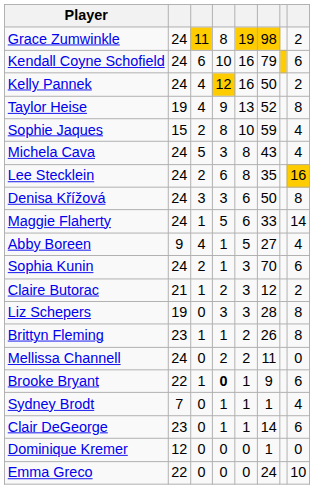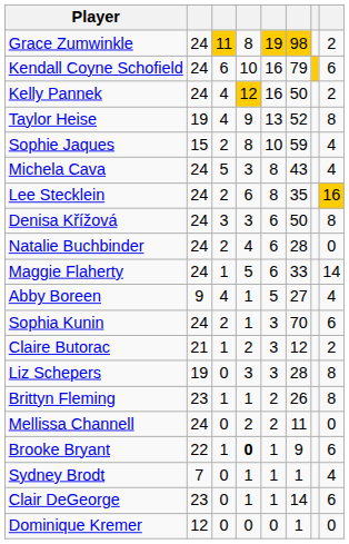 <table class="wikitable sortable" style="text-align:center;">
 <tr>
 <th>Player</th>
 <th></th>
 <th></th>
 <th></th>
 <th></th>
 <th></th>
 <th data-sort-type="number"></th>
 <th></th>
 </tr>
 <tr>
 <td style="text-align:left;"><a href='#'>Grace Zumwinkle</a></td>
 <td>24</td>
 <td style="background:#fc0;">11</td>
 <td>8</td>
 <td style="background:#fc0;">19</td>
 <td style="background:#fc0;">98</td>
 <td></td>
 <td>2</td>
 </tr>
 <tr>
 <td style="text-align:left;"><a href='#'>Kendall Coyne Schofield</a></td>
 <td>24</td>
 <td>6</td>
 <td>10</td>
 <td>16</td>
 <td>79</td>
 <td style="background:#fc0;"></td>
 <td>6</td>
 </tr>
 <tr>
 <td style="text-align:left;"><a href='#'>Kelly Pannek</a></td>
 <td>24</td>
 <td>4</td>
 <td style="background:#fc0;">12</td>
 <td>16</td>
 <td>50</td>
 <td></td>
 <td>2</td>
 </tr>
 <tr>
 <td style="text-align:left;"><a href='#'>Taylor Heise</a></td>
 <td>19</td>
 <td>4</td>
 <td>9</td>
 <td>13</td>
 <td>52</td>
 <td></td>
 <td>8</td>
 </tr>
 <tr>
 <td style="text-align:left;"><a href='#'>Sophie Jaques</a></td>
 <td>15</td>
 <td>2</td>
 <td>8</td>
 <td>10</td>
 <td>59</td>
 <td></td>
 <td>4</td>
 </tr>
 <tr>
 <td style="text-align:left;"><a href='#'>Michela Cava</a></td>
 <td>24</td>
 <td>5</td>
 <td>3</td>
 <td>8</td>
 <td>43</td>
 <td></td>
 <td>4</td>
 </tr>
 <tr>
 <td style="text-align:left;"><a href='#'>Lee Stecklein</a></td>
 <td>24</td>
 <td>2</td>
 <td>6</td>
 <td>8</td>
 <td>35</td>
 <td></td>
 <td style="background:#fc0;">16</td>
 </tr>
 <tr>
 <td style="text-align:left;"><a href='#'>Denisa Křížová</a></td>
 <td>24</td>
 <td>3</td>
 <td>3</td>
 <td>6</td>
 <td>50</td>
 <td></td>
 <td>8</td>
+</tr>
+<tr>
+<td style="text-align:left;"><a href='#'>Natalie Buchbinder</a></td>
+<td>24</td>
+<td>2</td>
+<td>4</td>
+<td>6</td>
+<td>28</td>
+<td></td>
+<td>0</td>
 </tr>
 <tr>
 <td style="text-align:left;"><a href='#'>Maggie Flaherty</a></td>
 <td>24</td>
 <td>1</td>
 <td>5</td>
 <td>6</td>
 <td>33</td>
 <td></td>
 <td>14</td>
 </tr>
 <tr>
 <td style="text-align:left;"><a href='#'>Abby Boreen</a></td>
 <td>9</td>
 <td>4</td>
 <td>1</td>
 <td>5</td>
 <td>27</td>
 <td></td>
 <td>4</td>
 </tr>
 <tr>
 <td style="text-align:left;"><a href='#'>Sophia Kunin</a></td>
 <td>24</td>
 <td>2</td>
 <td>1</td>
 <td>3</td>
 <td>70</td>
 <td></td>
 <td>6</td>
 </tr>
 <tr>
 <td style="text-align:left;"><a href='#'>Claire Butorac</a></td>
 <td>21</td>
 <td>1</td>
 <td>2</td>
 <td>3</td>
 <td>12</td>
 <td></td>
 <td>2</td>
 </tr>
 <tr>
 <td style="text-align:left;"><a href='#'>Liz Schepers</a></td>
 <td>19</td>
 <td>0</td>
 <td>3</td>
 <td>3</td>
 <td>28</td>
 <td></td>
 <td>8</td>
 </tr>
 <tr>
 <td style="text-align:left;"><a href='#'>Brittyn Fleming</a></td>
 <td>23</td>
 <td>1</td>
 <td>1</td>
 <td>2</td>
 <td>26</td>
 <td></td>
 <td>8</td>
 </tr>
 <tr>
 <td style="text-align:left;"><a href='#'>Mellissa Channell</a></td>
 <td>24</td>
 <td>0</td>
 <td>2</td>
 <td>2</td>
 <td>11</td>
 <td></td>
 <td>0</td>
 </tr>
 <tr>
 <td style="text-align:left;"><a href='#'>Brooke Bryant</a></td>
 <td>22</td>
 <td>1</td>
 <td><strong>0</strong></td>
 <td>1</td>
 <td>9</td>
 <td></td>
 <td>6</td>
 </tr>
 <tr>
 <td style="text-align:left;"><a href='#'>Sydney Brodt</a></td>
 <td>7</td>
 <td>0</td>
 <td>1</td>
 <td>1</td>
 <td>1</td>
 <td></td>
 <td>4</td>
 </tr>
 <tr>
 <td style="text-align:left;"><a href='#'>Clair DeGeorge</a></td>
 <td>23</td>
 <td>0</td>
 <td>1</td>
 <td>1</td>
 <td>14</td>
 <td></td>
 <td>6</td>
 </tr>
 <tr>
 <td style="text-align:left;"><a href='#'>Dominique Kremer</a></td>
 <td>12</td>
 <td>0</td>
 <td>0</td>
 <td>0</td>
 <td>1</td>
 <td></td>
 <td>0</td>
 </tr>
-<tr>
-<td style="text-align:left;"><a href='#'>Emma Greco</a></td>
-<td>22</td>
-<td>0</td>
-<td>0</td>
-<td>0</td>
-<td>24</td>
-<td></td>
-<td>10</td>
-</tr>
 </table>
